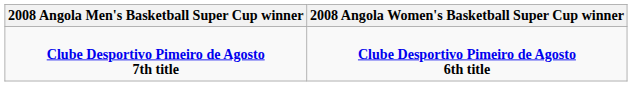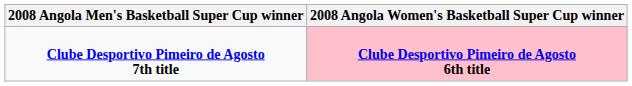 <table class=wikitable style="text-align:center; margin:auto">
 <tr>
 <th>2008 Angola Men's Basketball Super Cup winner</th>
 <th>2008 Angola Women's Basketball Super Cup winner</th>
 </tr>
 <tr>
 <td><br><strong><a href='#'>Clube Desportivo Pimeiro de Agosto</a></strong><br><strong>7th title</strong></td>
-<td><br><strong><a href='#'>Clube Desportivo Pimeiro de Agosto</a></strong><br><strong>6th title</strong></td>
+<td style="background: pink;"><br><strong><a href='#'>Clube Desportivo Pimeiro de Agosto</a></strong><br><strong>6th title</strong></td>
 </tr>
 </table>
